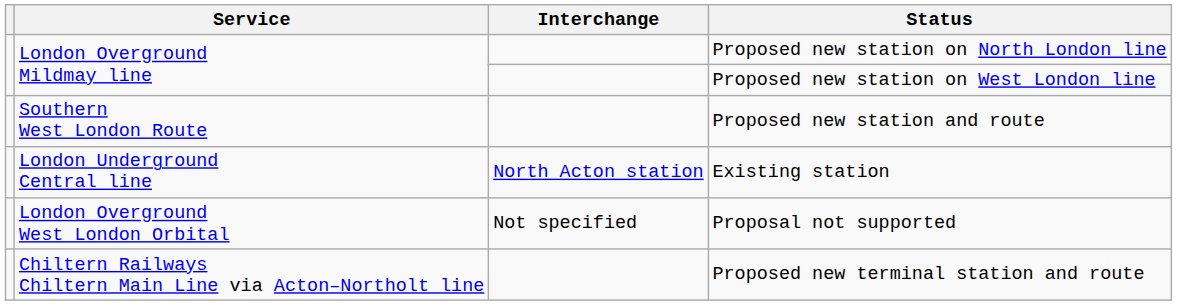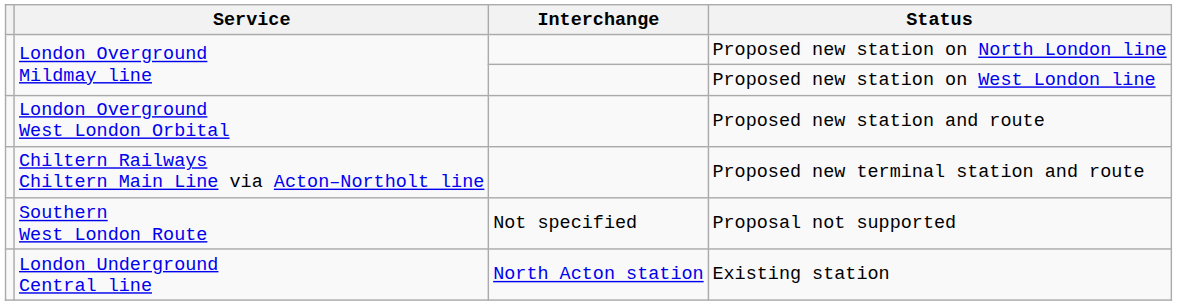 <table class="wikitable" style="margin:0.5em auto;">
 <tr>
 <th></th>
 <th>Service</th>
 <th>Interchange</th>
 <th>Status</th>
 </tr>
 <tr>
 <td rowspan="2" style="background:#"></td>
 <td rowspan="2"> <a href='#'>London Overground</a><br><a href='#'>Mildmay line</a></td>
 <td></td>
 <td>Proposed new station on <a href='#'>North London line</a></td>
 </tr>
 <tr>
 <td></td>
 <td>Proposed new station on <a href='#'>West London line</a></td>
 </tr>
 <tr>
 <td style="background:#"></td>
-<td> <a href='#'>Southern</a> <br><a href='#'>West London Route</a></td>
+<td> <a href='#'>London Overground</a><br><a href='#'>West London Orbital</a></td>
 <td></td>
 <td>Proposed new station and route</td>
+</tr>
+<tr>
+<td style="background:#"></td>
+<td> <a href='#'>Chiltern Railways</a> <br><a href='#'>Chiltern Main Line</a> via <a href='#'>Acton–Northolt line</a></td>
+<td><em></em></td>
+<td>Proposed new terminal station and route</td>
+</tr>
+<tr>
+<td style="background:#"></td>
+<td> <a href='#'>Southern</a> <br><a href='#'>West London Route</a></td>
+<td>Not specified</td>
+<td>Proposal not supported</td>
 </tr>
 <tr>
 <td style="background:#"></td>
 <td> <a href='#'>London Underground</a> <br><a href='#'>Central line</a></td>
 <td><a href='#'>North Acton station</a></td>
 <td>Existing station </td>
 </tr>
-<tr>
-<td style="background:#"></td>
-<td> <a href='#'>London Overground</a><br><a href='#'>West London Orbital</a></td>
-<td>Not specified</td>
-<td>Proposal not supported</td>
-</tr>
-<tr>
-<td style="background:#"></td>
-<td> <a href='#'>Chiltern Railways</a> <br><a href='#'>Chiltern Main Line</a> via <a href='#'>Acton–Northolt line</a></td>
-<td><em></em></td>
-<td>Proposed new terminal station and route</td>
-</tr>
 </table>
